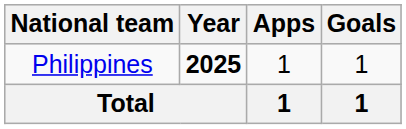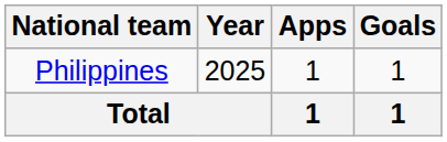 <table class="wikitable" style="text-align:center">
 <tr>
 <th>National team</th>
 <th>Year</th>
 <th>Apps</th>
 <th>Goals</th>
 </tr>
 <tr>
 <td><a href='#'>Philippines</a></td>
-<td><strong>2025</strong></td>
+<td>2025</td>
 <td>1</td>
 <td>1</td>
 </tr>
 <tr>
 <th colspan="2">Total</th>
 <th>1</th>
 <th>1</th>
 </tr>
 </table>
